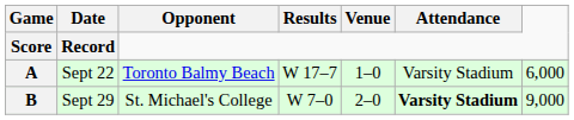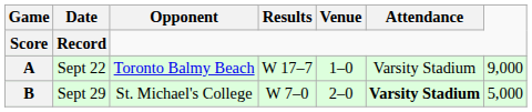 <table class="wikitable" style="text-align:center">
 <tr>
 <th>Game</th>
 <th>Date</th>
 <th>Opponent</th>
 <th>Results</th>
 <th>Venue</th>
 <th>Attendance</th>
 </tr>
 <tr>
 <th>Score</th>
 <th>Record</th>
 </tr>
 <tr style="background:#ddffdd">
 <th>A</th>
 <td>Sept 22</td>
 <td><a href='#'>Toronto Balmy Beach</a></td>
 <td>W 17–7</td>
 <td>1–0</td>
 <td>Varsity Stadium</td>
-<td>6,000</td>
+<td>9,000</td>
 </tr>
 <tr style="background:#ddffdd">
 <th>B</th>
 <td>Sept 29</td>
 <td>St. Michael's College</td>
 <td>W 7–0</td>
 <td>2–0</td>
 <td><strong>Varsity Stadium</strong></td>
-<td>9,000</td>
+<td>5,000</td>
 </tr>
 </table>
